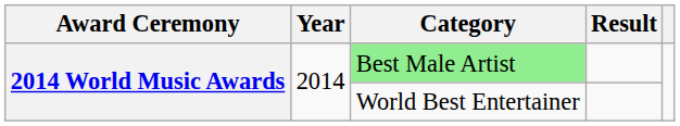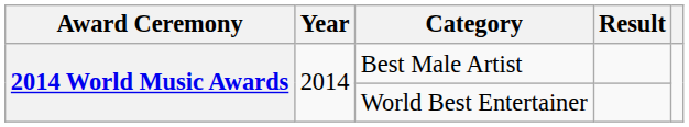 <table class="wikitable plainrowheaders">
 <tr>
 <th scope="col">Award Ceremony</th>
 <th scope="col">Year</th>
 <th scope="col">Category</th>
 <th scope="col">Result</th>
 <th scope="col"></th>
 </tr>
 <tr>
 <th scope="row" rowspan="2"><a href='#'>2014 World Music Awards</a></th>
 <td rowspan="2">2014</td>
-<td style="background: lightgreen;">Best Male Artist</td>
+<td>Best Male Artist</td>
 <td></td>
 <td rowspan="2"></td>
 </tr>
 <tr>
 <td>World Best Entertainer</td>
 <td></td>
 </tr>
 </table>
